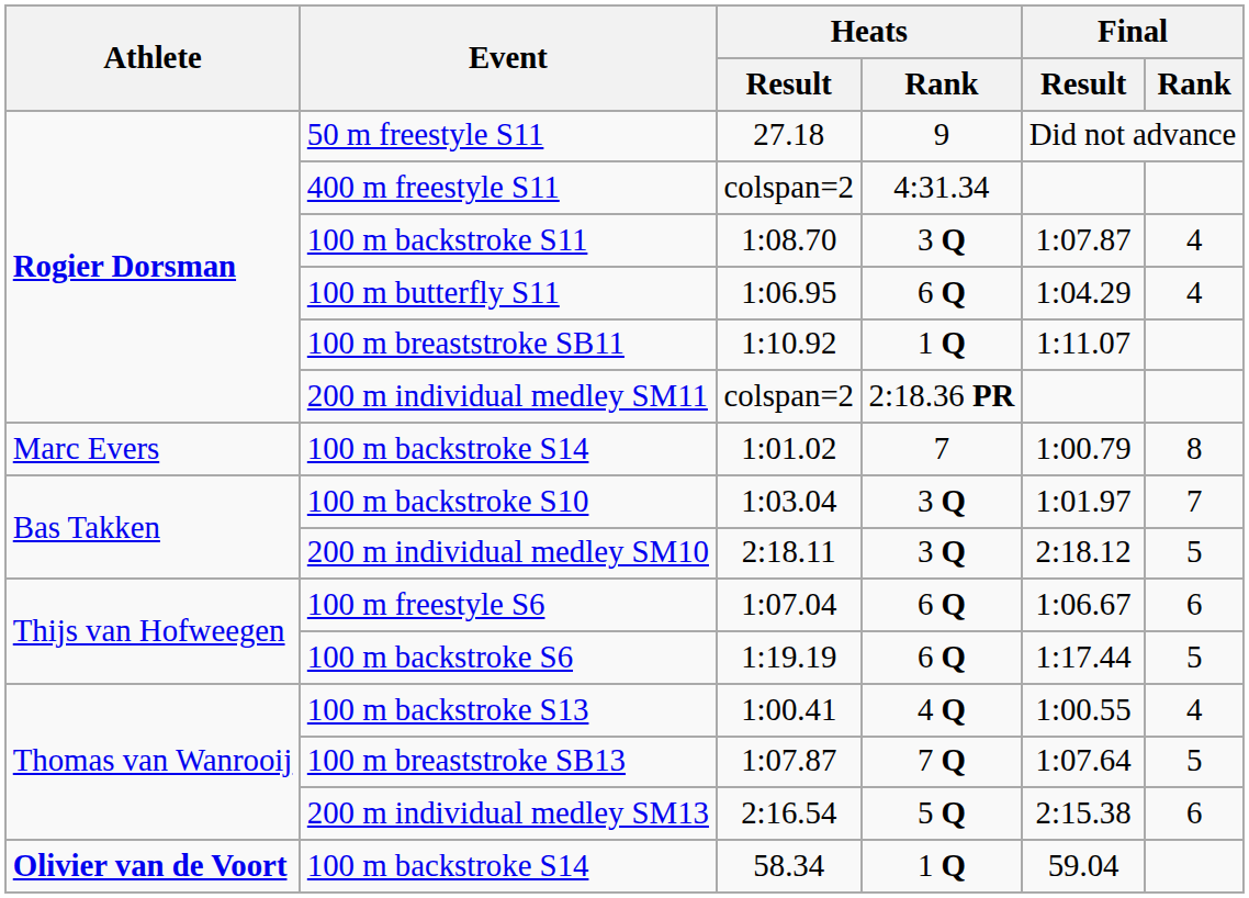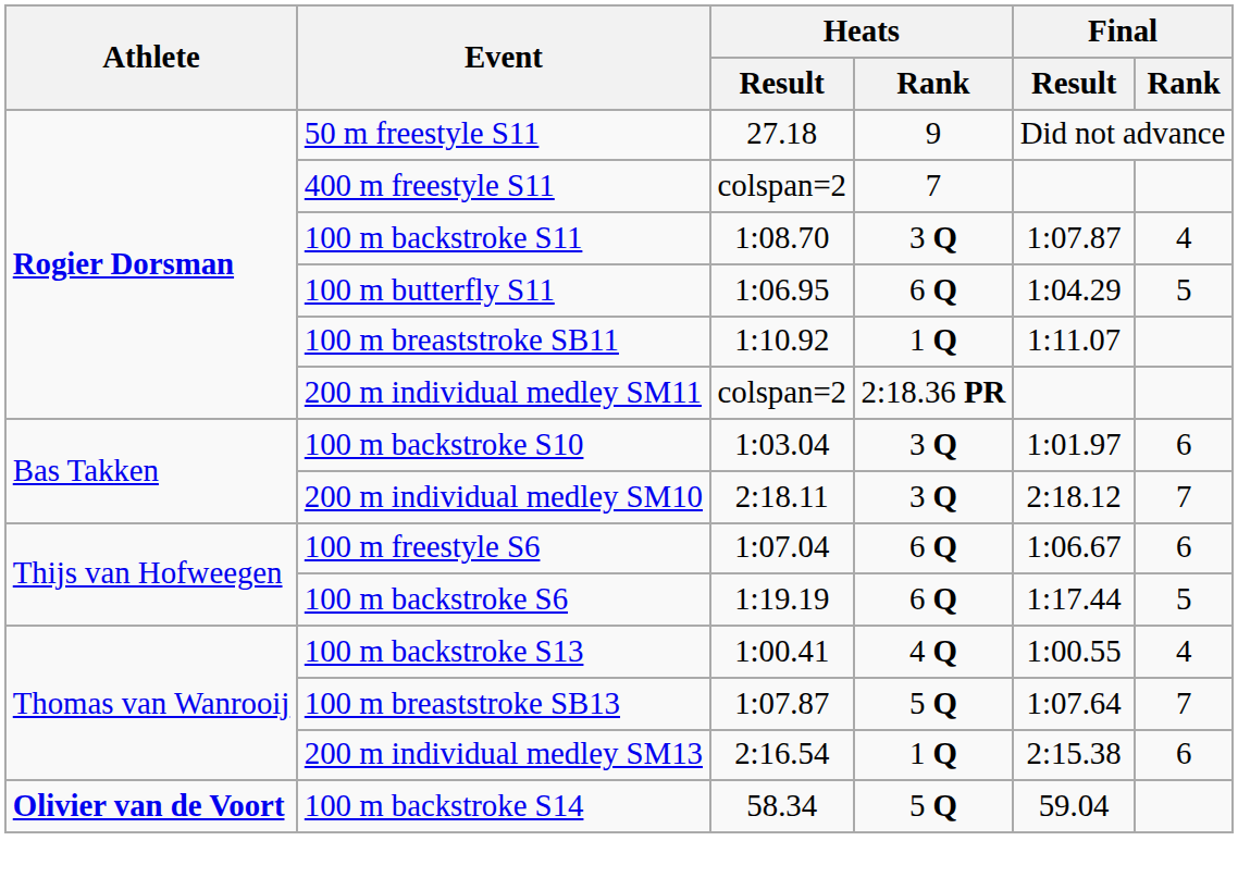 <table class=wikitable style="font-size:90%">
 <tr>
 <th rowspan="2">Athlete</th>
 <th rowspan="2">Event</th>
 <th colspan="2">Heats</th>
 <th colspan="2">Final</th>
 </tr>
 <tr>
 <th>Result</th>
 <th>Rank</th>
 <th>Result</th>
 <th>Rank</th>
 </tr>
 <tr align=center>
 <td align=left rowspan=6><strong><a href='#'>Rogier Dorsman</a></strong></td>
 <td align=left><a href='#'>50 m freestyle S11</a></td>
 <td>27.18</td>
 <td>9</td>
 <td colspan=2>Did not advance</td>
 </tr>
 <tr align=center>
 <td align=left><a href='#'>400 m freestyle S11</a></td>
 <td>colspan=2 </td>
-<td>4:31.34</td>
+<td>7</td>
 <td></td>
 </tr>
 <tr align=center>
 <td align=left><a href='#'>100 m backstroke S11</a></td>
 <td>1:08.70</td>
 <td>3 <strong>Q</strong></td>
 <td>1:07.87</td>
 <td>4</td>
 </tr>
 <tr align=center>
 <td align=left><a href='#'>100 m butterfly S11</a></td>
 <td>1:06.95</td>
 <td>6 <strong>Q</strong></td>
 <td>1:04.29</td>
-<td>4</td>
+<td>5</td>
 </tr>
 <tr align=center>
 <td align=left><a href='#'>100 m breaststroke SB11</a></td>
 <td>1:10.92</td>
 <td>1 <strong>Q</strong></td>
 <td>1:11.07</td>
 <td></td>
 </tr>
 <tr align=center>
 <td align=left><a href='#'>200 m individual medley SM11</a></td>
 <td>colspan=2 </td>
 <td>2:18.36 <strong>PR</strong></td>
 <td></td>
 </tr>
 <tr align=center>
-<td align=left><a href='#'>Marc Evers</a></td>
-<td align=left><a href='#'>100 m backstroke S14</a></td>
-<td>1:01.02</td>
-<td>7</td>
-<td>1:00.79</td>
-<td>8</td>
-</tr>
-<tr align=center>
 <td align=left rowspan=2><a href='#'>Bas Takken</a></td>
 <td align=left><a href='#'>100 m backstroke S10</a></td>
 <td>1:03.04</td>
 <td>3 <strong>Q</strong></td>
 <td>1:01.97</td>
-<td>7</td>
+<td>6</td>
 </tr>
 <tr align=center>
 <td align=left><a href='#'>200 m individual medley SM10</a></td>
 <td>2:18.11</td>
 <td>3 <strong>Q</strong></td>
 <td>2:18.12</td>
-<td>5</td>
+<td>7</td>
 </tr>
 <tr align=center>
 <td align=left rowspan=2><a href='#'>Thijs van Hofweegen</a></td>
 <td align=left><a href='#'>100 m freestyle S6</a></td>
 <td>1:07.04</td>
 <td>6 <strong>Q</strong></td>
 <td>1:06.67</td>
 <td>6</td>
 </tr>
 <tr align=center>
 <td align=left><a href='#'>100 m backstroke S6</a></td>
 <td>1:19.19</td>
 <td>6 <strong>Q</strong></td>
 <td>1:17.44</td>
 <td>5</td>
 </tr>
 <tr align=center>
 <td align=left rowspan=3><a href='#'>Thomas van Wanrooij</a></td>
 <td align=left><a href='#'>100 m backstroke S13</a></td>
 <td>1:00.41</td>
 <td>4 <strong>Q</strong></td>
 <td>1:00.55</td>
 <td>4</td>
 </tr>
 <tr align=center>
 <td align=left><a href='#'>100 m breaststroke SB13</a></td>
 <td>1:07.87</td>
-<td>7 <strong>Q</strong></td>
+<td>5 <strong>Q</strong></td>
 <td>1:07.64</td>
-<td>5</td>
+<td>7</td>
 </tr>
 <tr align=center>
 <td align=left><a href='#'>200 m individual medley SM13</a></td>
 <td>2:16.54</td>
-<td>5 <strong>Q</strong></td>
+<td>1 <strong>Q</strong></td>
 <td>2:15.38</td>
 <td>6</td>
 </tr>
 <tr align=center>
 <td align=left><strong><a href='#'>Olivier van de Voort</a></strong></td>
 <td align=left><a href='#'>100 m backstroke S14</a></td>
 <td>58.34</td>
-<td>1 <strong>Q</strong></td>
+<td>5 <strong>Q</strong></td>
 <td>59.04</td>
 <td></td>
 </tr>
 </table>
